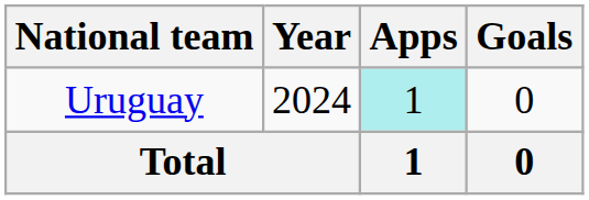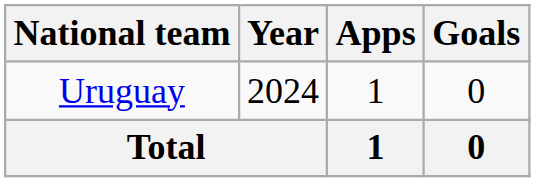 <table class="wikitable" style="text-align:center">
 <tr>
 <th>National team</th>
 <th>Year</th>
 <th>Apps</th>
 <th>Goals</th>
 </tr>
 <tr>
 <td rowspan="1"><a href='#'>Uruguay</a></td>
 <td>2024</td>
-<td style="background: paleturquoise;">1</td>
+<td>1</td>
 <td>0</td>
 </tr>
 <tr>
 <th colspan="2">Total</th>
 <th>1</th>
 <th>0</th>
 </tr>
 </table>
